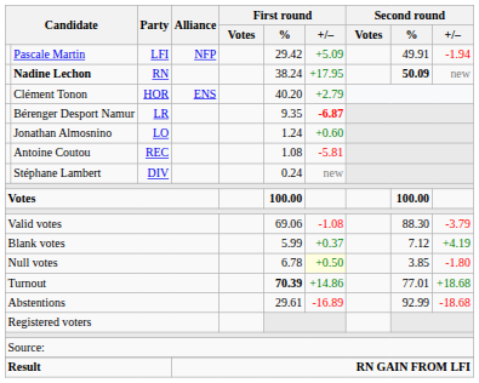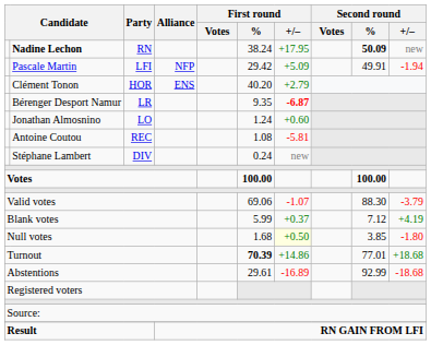 <table class="wikitable" style="text-align:right;font-size:95%;">
 <tr>
 <th rowspan="2" colspan="2">Candidate</th>
 <th rowspan="2">Party</th>
 <th rowspan="2">Alliance</th>
 <th colspan="3">First round</th>
 <th colspan="3">Second round</th>
 </tr>
 <tr>
 <th style="width:50px;">Votes</th>
 <th style="width:45px;">%</th>
 <th style="width:45px;">+/–</th>
 <th style="width:50px;">Votes</th>
 <th style="width:45px;">%</th>
 <th style="width:45px;">+/–</th>
 </tr>
 <tr>
 <td style="color:inherit;background:"></td>
+<td style="text-align:left;"><strong>Nadine Lechon</strong></td>
+<td><a href='#'>RN</a></td>
+<td></td>
+<td></td>
+<td>38.24</td>
+<td style="color:green;">+17.95</td>
+<td><strong></strong></td>
+<td><strong>50.09</strong></td>
+<td style="color:grey;">new</td>
+</tr>
+<tr>
+<td style="color:inherit;background:"></td>
 <td style="text-align:left;"><a href='#'>Pascale Martin</a></td>
 <td><a href='#'>LFI</a></td>
 <td><a href='#'>NFP</a></td>
 <td></td>
 <td>29.42</td>
 <td style="color:green;">+5.09</td>
 <td></td>
 <td>49.91</td>
 <td style="color:red;">-1.94</td>
-</tr>
-<tr>
-<td style="color:inherit;background:"></td>
-<td style="text-align:left;"><strong>Nadine Lechon</strong></td>
-<td><a href='#'>RN</a></td>
-<td></td>
-<td></td>
-<td>38.24</td>
-<td style="color:green;">+17.95</td>
-<td><strong></strong></td>
-<td><strong>50.09</strong></td>
-<td style="color:grey;">new</td>
 </tr>
 <tr>
 <td style="color:inherit;background:"></td>
 <td style="text-align:left;">Clément Tonon</td>
 <td><a href='#'>HOR</a></td>
 <td><a href='#'>ENS</a></td>
 <td></td>
 <td>40.20</td>
 <td style="color:green;">+2.79</td>
 <td colspan="3" style="background:#F8F9FA;"></td>
 </tr>
 <tr>
 <td style="color:inherit;background:"></td>
 <td style="text-align:left;">Bérenger Desport Namur</td>
 <td><a href='#'>LR</a></td>
 <td></td>
 <td></td>
 <td>9.35</td>
 <td style="color:red;"><strong>-6.87</strong></td>
 <td colspan="3" style="background:#E9E9E9;"></td>
 </tr>
 <tr>
 <td style="color:inherit;background:"></td>
 <td style="text-align:left;">Jonathan Almosnino</td>
 <td><a href='#'>LO</a></td>
 <td></td>
 <td></td>
 <td>1.24</td>
 <td style="color:green;">+0.60</td>
 <td colspan="3" style="background:#E9E9E9;"></td>
 </tr>
 <tr>
 <td style="color:inherit;background:"></td>
 <td style="text-align:left;">Antoine Coutou</td>
 <td><a href='#'>REC</a></td>
 <td></td>
 <td></td>
 <td>1.08</td>
 <td style="color:red;">-5.81</td>
 <td colspan="3" style="background:#E9E9E9;"></td>
 </tr>
 <tr>
 <td style="color:inherit;background:"></td>
 <td style="text-align:left;">Stéphane Lambert</td>
 <td><a href='#'>DIV</a></td>
 <td></td>
 <td></td>
 <td>0.24</td>
 <td style="color:grey;">new</td>
 <td colspan="3" style="background:#E9E9E9;"></td>
 </tr>
 <tr>
 <td colspan="10" style="background:#E9E9E9;"></td>
 </tr>
 <tr style="font-weight:bold;">
 <td colspan="4" style="text-align:left;">Votes</td>
 <td></td>
 <td>100.00</td>
 <td></td>
 <td></td>
 <td>100.00</td>
 <td></td>
 </tr>
 <tr>
 <td colspan="10" style="background:#E9E9E9;"></td>
 </tr>
 <tr>
 <td colspan="4" style="text-align:left;">Valid votes</td>
 <td></td>
 <td>69.06</td>
-<td style="color:red;">-1.08</td>
+<td style="color:red;">-1.07</td>
 <td></td>
 <td>88.30</td>
 <td style="color:red;">-3.79</td>
 </tr>
 <tr>
 <td colspan="4" style="text-align:left;">Blank votes</td>
 <td></td>
 <td>5.99</td>
 <td style="color:green;">+0.37</td>
 <td></td>
 <td>7.12</td>
 <td style="color:green;">+4.19</td>
 </tr>
 <tr>
 <td colspan="4" style="text-align:left;">Null votes</td>
 <td></td>
-<td>6.78</td>
+<td>1.68</td>
 <td style="background: lightyellow; color:green;">+0.50</td>
 <td></td>
 <td>3.85</td>
 <td style="color:red;">-1.80</td>
 </tr>
 <tr>
 <td colspan="4" style="text-align:left;">Turnout</td>
 <td></td>
 <td><strong>70.39</strong></td>
 <td style="color:green;">+14.86</td>
 <td></td>
 <td>77.01</td>
 <td style="color:green;">+18.68</td>
 </tr>
 <tr>
 <td colspan="4" style="text-align:left;">Abstentions</td>
 <td></td>
 <td>29.61</td>
 <td style="color:red;">-16.89</td>
 <td></td>
 <td>92.99</td>
 <td style="color:red;">-18.68</td>
 </tr>
 <tr>
 <td colspan="4" style="text-align:left;">Registered voters</td>
 <td></td>
 <td colspan="2" style="background:#E9E9E9;"></td>
 <td></td>
 <td colspan="2" style="background:#E9E9E9;"></td>
 </tr>
 <tr>
 <td colspan="10" style="background:#E9E9E9;"></td>
 </tr>
 <tr>
 <td colspan="10" style="text-align:left;">Source:</td>
 </tr>
 <tr>
 </tr>
 <tr style="font-weight:bold">
 <td colspan="3" style="text-align:left;">Result</td>
 <td colspan="7" style="background-color:">RN GAIN FROM LFI</td>
 </tr>
 </table>
